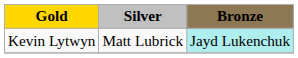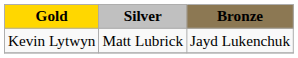 <table class="wikitable">
 <tr>
 <th style="background-color:#FFD700">Gold</th>
 <th style="background-color:#C0C0C0">Silver</th>
 <th style="background-color:#8C7853">Bronze</th>
 </tr>
 <tr>
 <td> Kevin Lytwyn</td>
 <td> Matt Lubrick</td>
-<td style="background: paleturquoise;"> Jayd Lukenchuk</td>
+<td> Jayd Lukenchuk</td>
 </tr>
 <tr>
 </tr>
 </table>
